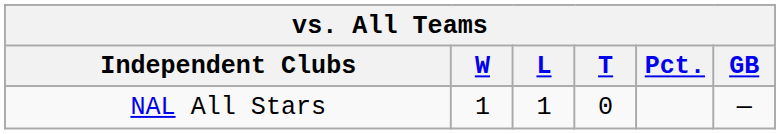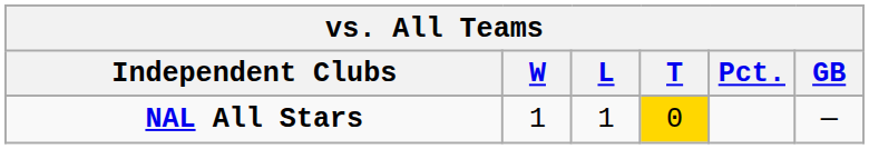 <table class="wikitable" width="400em" style="text-align:center;">
 <tr>
 <th colspan="6">vs. All Teams</th>
 </tr>
 <tr>
 <th width="58%">Independent Clubs</th>
 <th width="8%"><a href='#'>W</a></th>
 <th width="8%"><a href='#'>L</a></th>
 <th width="8%"><a href='#'>T</a></th>
 <th width="10%"><a href='#'>Pct.</a></th>
 <th width="8%"><a href='#'>GB</a></th>
 </tr>
 <tr>
-<td><a href='#'>NAL</a> All Stars</td>
+<td><strong><a href='#'>NAL</a> All Stars</strong></td>
 <td>1</td>
 <td>1</td>
-<td>0</td>
+<td style="background: gold;">0</td>
 <td></td>
 <td>—</td>
 </tr>
 </table>
